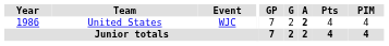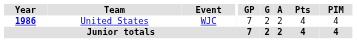 <table border="0" cellpadding="1" cellspacing="0" ID="Table3" style="text-align:center; width:40em">
 <tr bgcolor="#e0e0e0">
 <th>Year</th>
 <th>Team</th>
 <th>Event</th>
 <th rowspan="102" bgcolor="#ffffff"></th>
 <th>GP</th>
 <th>G</th>
 <th>A</th>
 <th>Pts</th>
 <th>PIM</th>
 </tr>
 <tr>
-<td><a href='#'>1986</a></td>
+<td><strong><a href='#'>1986</a></strong></td>
 <td><a href='#'>United States</a></td>
 <td><a href='#'>WJC</a></td>
 <td>7</td>
 <td>2</td>
-<td><strong>2</strong></td>
+<td>2</td>
 <td>4</td>
 <td>4</td>
 </tr>
 <tr bgcolor="#e0e0e0">
 <th colspan="4">Junior totals</th>
 <th>7</th>
 <th>2</th>
 <th>2</th>
 <th>4</th>
 <th>4</th>
 </tr>
 </table>
